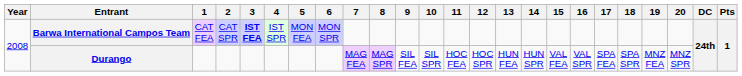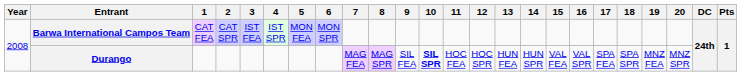 <table class="wikitable" style="text-align:center; font-size:85%">
 <tr>
 <th>Year</th>
 <th>Entrant</th>
 <th>1</th>
 <th>2</th>
 <th>3</th>
 <th>4</th>
 <th>5</th>
 <th>6</th>
 <th>7</th>
 <th>8</th>
 <th>9</th>
 <th>10</th>
 <th>11</th>
 <th>12</th>
 <th>13</th>
 <th>14</th>
 <th>15</th>
 <th>16</th>
 <th>17</th>
 <th>18</th>
 <th>19</th>
 <th>20</th>
 <th>DC</th>
 <th>Pts</th>
 </tr>
 <tr>
 <td rowspan=2><a href='#'>2008</a></td>
 <th nowrap><a href='#'>Barwa International Campos Team</a></th>
 <td style="background:#EFCFFF;"><a href='#'>CAT<br>FEA</a><br></td>
 <td style="background:#CFCFFF;"><a href='#'>CAT<br>SPR</a><br></td>
-<td style="background:#CFCFFF;"><strong><a href='#'>IST<br>FEA</a><br></strong></td>
+<td style="background:#CFCFFF;"><a href='#'>IST<br>FEA</a><br></td>
 <td style="background:#DFFFDF;"><a href='#'>IST<br>SPR</a><br></td>
 <td style="background:#CFCFFF;"><a href='#'>MON<br>FEA</a><br></td>
 <td style="background:#CFCFFF;"><a href='#'>MON<br>SPR</a><br></td>
 <td></td>
 <td></td>
 <td></td>
 <td></td>
 <td></td>
 <td></td>
 <td></td>
 <td></td>
 <td></td>
 <td></td>
 <td></td>
 <td></td>
 <td></td>
 <td></td>
 <th rowspan=2>24th</th>
 <th rowspan=2>1</th>
 </tr>
 <tr>
 <th><a href='#'>Durango</a></th>
 <td></td>
 <td></td>
 <td></td>
 <td></td>
 <td></td>
 <td></td>
 <td style="background:#EFCFFF;"><a href='#'>MAG<br>FEA</a><br></td>
 <td style="background:#EFCFFF;"><a href='#'>MAG<br>SPR</a><br></td>
 <td><a href='#'>SIL<br>FEA</a></td>
-<td><a href='#'>SIL<br>SPR</a></td>
+<td><strong><a href='#'>SIL<br>SPR</a></strong></td>
 <td><a href='#'>HOC<br>FEA</a></td>
 <td><a href='#'>HOC<br>SPR</a></td>
 <td><a href='#'>HUN<br>FEA</a></td>
 <td><a href='#'>HUN<br>SPR</a></td>
 <td><a href='#'>VAL<br>FEA</a></td>
 <td><a href='#'>VAL<br>SPR</a></td>
 <td><a href='#'>SPA<br>FEA</a></td>
 <td><a href='#'>SPA<br>SPR</a></td>
 <td><a href='#'>MNZ<br>FEA</a></td>
 <td><a href='#'>MNZ<br>SPR</a></td>
 </tr>
 </table>
